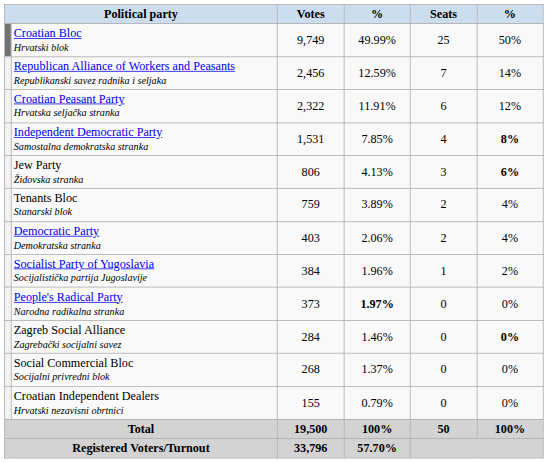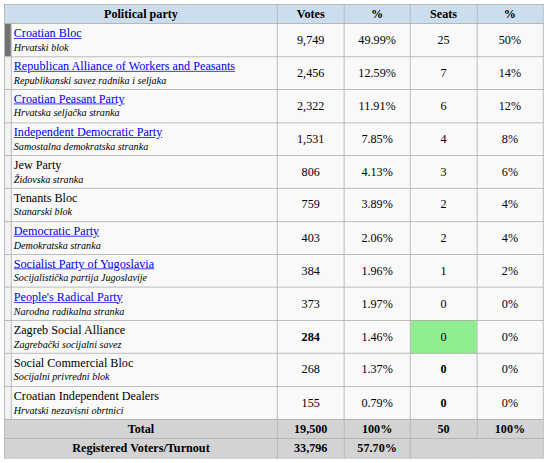 <table class="wikitable">
 <tr>
 <th colspan=2 style="background:#CCDDEE; width: 22em">Political party</th>
 <th style="width: 5em; background:#CCDDEE;">Votes</th>
 <th style="width: 5em; background:#CCDDEE;">%</th>
 <th style="width: 5em; background:#CCDDEE;">Seats</th>
 <th style="width: 5em; background:#CCDDEE;">%</th>
 </tr>
 <tr>
 <th style="background-color: #727272"></th>
 <td><a href='#'>Croatian Bloc</a><br><small><em>Hrvatski blok</em></small></td>
 <td style="text-align:center">9,749</td>
 <td style="text-align:center">49.99%</td>
 <td style="text-align:center">25</td>
 <td style="text-align:center">50%</td>
 </tr>
 <tr>
 <th style="background-color: "></th>
 <td><a href='#'>Republican Alliance of Workers and Peasants</a><br><small><em>Republikanski savez radnika i seljaka</em></small></td>
 <td style="text-align:center">2,456</td>
 <td style="text-align:center">12.59%</td>
 <td style="text-align:center">7</td>
 <td style="text-align:center">14%</td>
 </tr>
 <tr>
 <th style="background-color: "></th>
 <td><a href='#'>Croatian Peasant Party</a><br><small><em>Hrvatska seljačka stranka</em></small></td>
 <td style="text-align:center">2,322</td>
 <td style="text-align:center">11.91%</td>
 <td style="text-align:center">6</td>
 <td style="text-align:center">12%</td>
 </tr>
 <tr>
 <th style="background-color: "></th>
 <td><a href='#'>Independent Democratic Party</a><br><small><em>Samostalna demokratska stranka</em></small></td>
 <td style="text-align:center">1,531</td>
 <td style="text-align:center">7.85%</td>
 <td style="text-align:center">4</td>
-<td style="text-align:center"><strong>8%</strong></td>
+<td style="text-align:center">8%</td>
 </tr>
 <tr>
 <th style="background-color: "></th>
 <td>Jew Party<br><small><em>Židovska stranka</em></small></td>
 <td style="text-align:center">806</td>
 <td style="text-align:center">4.13%</td>
 <td style="text-align:center">3</td>
-<td style="text-align:center"><strong>6%</strong></td>
+<td style="text-align:center">6%</td>
 </tr>
 <tr>
 <th style="background-color: "></th>
 <td>Tenants Bloc<br><small><em>Stanarski blok</em></small></td>
 <td style="text-align:center">759</td>
 <td style="text-align:center">3.89%</td>
 <td style="text-align:center">2</td>
 <td style="text-align:center">4%</td>
 </tr>
 <tr>
 <th style="background-color: "></th>
 <td><a href='#'>Democratic Party</a><br><small><em>Demokratska stranka</em></small></td>
 <td style="text-align:center">403</td>
 <td style="text-align:center">2.06%</td>
 <td style="text-align:center">2</td>
 <td style="text-align:center">4%</td>
 </tr>
 <tr>
 <th style="background-color: "></th>
 <td><a href='#'>Socialist Party of Yugoslavia</a><br><small><em>Socijalistička partija Jugoslavije</em></small></td>
 <td style="text-align:center">384</td>
 <td style="text-align:center">1.96%</td>
 <td style="text-align:center">1</td>
 <td style="text-align:center">2%</td>
 </tr>
 <tr>
 <th style="background-color: "></th>
 <td><a href='#'>People's Radical Party</a><br><small><em>Narodna radikalna stranka</em></small></td>
 <td style="text-align:center">373</td>
-<td style="text-align:center"><strong>1.97%</strong></td>
+<td style="text-align:center">1.97%</td>
 <td style="text-align:center">0</td>
 <td style="text-align:center">0%</td>
 </tr>
 <tr>
 <th style="background-color: "></th>
 <td>Zagreb Social Alliance<br><small><em>Zagrebački socijalni savez</em></small></td>
-<td style="text-align:center">284</td>
+<td style="text-align:center"><strong>284</strong></td>
 <td style="text-align:center">1.46%</td>
-<td style="text-align:center">0</td>
-<td style="text-align:center"><strong>0%</strong></td>
+<td style="background: lightgreen; text-align:center">0</td>
+<td style="text-align:center">0%</td>
 </tr>
 <tr>
 <th style="background-color: "></th>
 <td>Social Commercial Bloc<br><small><em>Socijalni privredni blok</em></small></td>
 <td style="text-align:center">268</td>
 <td style="text-align:center">1.37%</td>
-<td style="text-align:center">0</td>
+<td style="text-align:center"><strong>0</strong></td>
 <td style="text-align:center">0%</td>
 </tr>
 <tr>
 <th style="background-color: "></th>
 <td>Croatian Independent Dealers<br><small><em>Hrvatski nezavisni obrtnici</em></small></td>
 <td style="text-align:center">155</td>
 <td style="text-align:center">0.79%</td>
-<td style="text-align:center">0</td>
+<td style="text-align:center"><strong>0</strong></td>
 <td style="text-align:center">0%</td>
 </tr>
 <tr>
 <td colspan="2" align=center style="background: lightgrey"><strong>Total</strong></td>
 <td align=center style="background: lightgrey"><strong>19,500</strong></td>
 <td align=center style="background: lightgrey"><strong>100%</strong></td>
 <td align=center style="background: lightgrey"><strong>50</strong></td>
 <td align=center style="background: lightgrey"><strong>100%</strong></td>
 </tr>
 <tr>
 <td colspan="2" align=center style="background: lightgrey"><strong>Registered Voters/Turnout</strong></td>
 <td align=center style="background: lightgrey"><strong>33,796</strong></td>
 <td align=center style="background: lightgrey"><strong>57.70%</strong></td>
 <td colspan="4" align=center style="background: lightgrey"></td>
 </tr>
 </table>
